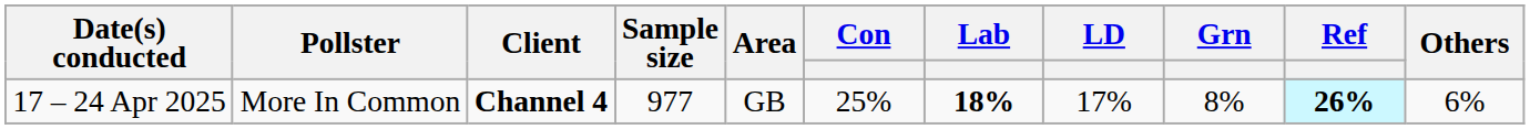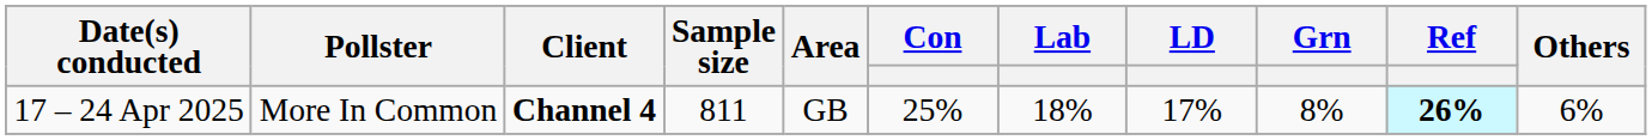 <table class="wikitable sortable mw-datatable" style="text-align:center; font-size:90%; line-height:14px;">
 <tr>
 <th rowspan="2">Date(s)<br>conducted</th>
 <th rowspan="2">Pollster</th>
 <th rowspan="2">Client</th>
 <th rowspan="2" data-sort-type="number">Sample<br>size</th>
 <th rowspan="2">Area</th>
 <th class="unsortable" style="width:50px;"><a href='#'>Con</a></th>
 <th class="unsortable" style="width:50px;"><a href='#'>Lab</a></th>
 <th class="unsortable" style="width:50px;"><a href='#'>LD</a></th>
 <th class="unsortable" style="width:50px;"><a href='#'>Grn</a></th>
 <th class="unsortable" style="width:50px;"><a href='#'>Ref</a></th>
 <th rowspan="2" class="unsortable" style="width:50px;">Others</th>
 </tr>
 <tr>
 <th data-sort-type="number" style="background:"></th>
 <th data-sort-type="number" style="background:"></th>
 <th data-sort-type="number" style="background:"></th>
 <th data-sort-type="number" style="background:"></th>
 <th data-sort-type="number" style="background:"></th>
 </tr>
 <tr>
 <td data-sort-value="2025-04-24">17 – 24 Apr 2025</td>
 <td>More In Common</td>
 <td><strong>Channel 4</strong></td>
-<td>977</td>
+<td>811</td>
 <td>GB</td>
 <td>25%</td>
-<td><strong>18%</strong></td>
+<td>18%</td>
 <td>17%</td>
 <td>8%</td>
 <td style="background:#ccf8ff; color: black;"><strong>26%</strong></td>
 <td>6%</td>
 </tr>
 </table>
